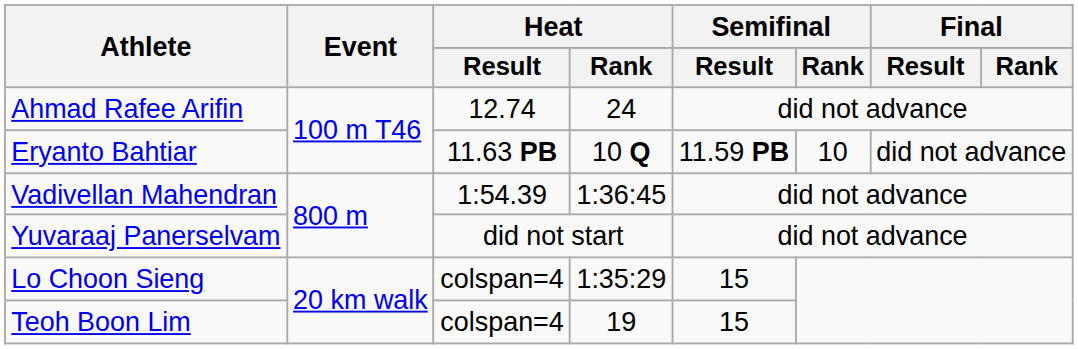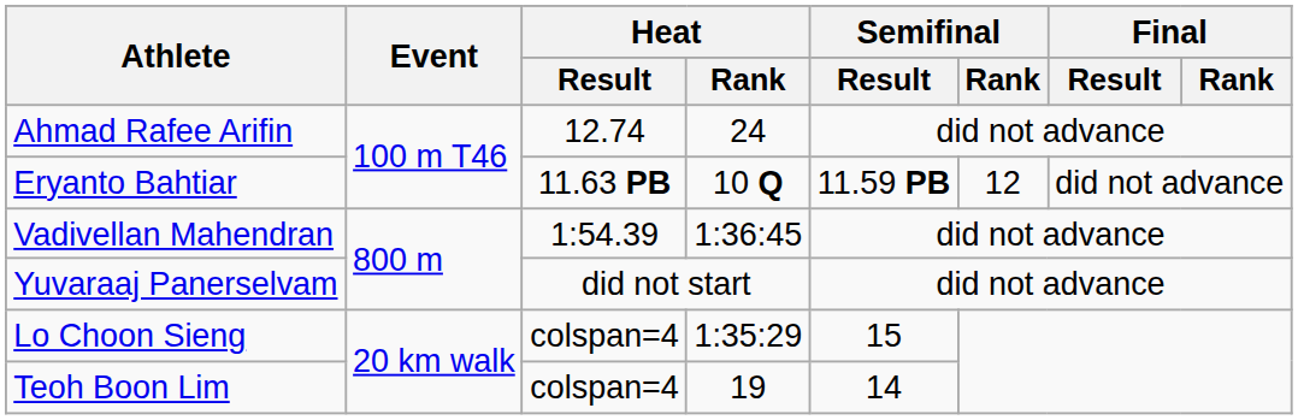 <table class="wikitable" style="font-size:90%">
 <tr>
 <th rowspan="2">Athlete</th>
 <th rowspan="2">Event</th>
 <th colspan="2">Heat</th>
 <th colspan="2">Semifinal</th>
 <th colspan="2">Final</th>
 </tr>
 <tr style="font-size:95%">
 <th>Result</th>
 <th>Rank</th>
 <th>Result</th>
 <th>Rank</th>
 <th>Result</th>
 <th>Rank</th>
 </tr>
 <tr align=center>
 <td align=left><a href='#'>Ahmad Rafee Arifin</a></td>
 <td align=left rowspan=2><a href='#'>100 m T46</a></td>
 <td>12.74</td>
 <td>24</td>
 <td colspan=4>did not advance</td>
 </tr>
 <tr align=center>
 <td align=left><a href='#'>Eryanto Bahtiar</a></td>
 <td>11.63 <strong>PB</strong></td>
 <td>10 <strong>Q</strong></td>
 <td>11.59 <strong>PB</strong></td>
-<td>10</td>
+<td>12</td>
 <td colspan=2>did not advance</td>
 </tr>
 <tr align=center>
 <td align=left><a href='#'>Vadivellan Mahendran</a></td>
 <td align=left rowspan=2><a href='#'>800 m</a></td>
 <td>1:54.39</td>
 <td>1:36:45</td>
 <td colspan=4>did not advance</td>
 </tr>
 <tr align=center>
 <td align=left><a href='#'>Yuvaraaj Panerselvam</a></td>
 <td colspan=2>did not start</td>
 <td colspan=4>did not advance</td>
 </tr>
 <tr align=center>
 <td align=left><a href='#'>Lo Choon Sieng</a></td>
 <td align=left rowspan=2><a href='#'>20 km walk</a></td>
 <td>colspan=4 </td>
 <td>1:35:29</td>
 <td>15</td>
 </tr>
 <tr align=center>
 <td align=left><a href='#'>Teoh Boon Lim</a></td>
 <td>colspan=4 </td>
 <td>19</td>
-<td>15</td>
+<td>14</td>
 </tr>
 </table>
